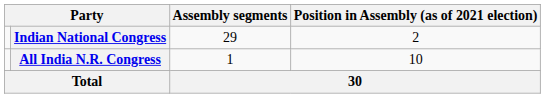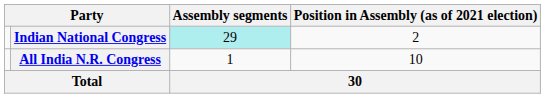 <table class="wikitable" style="text-align:center">
 <tr>
 <th colspan="2">Party</th>
 <th>Assembly segments </th>
 <th>Position in Assembly (as of 2021 election)</th>
 </tr>
 <tr>
 <td></td>
 <th><a href='#'>Indian National Congress</a></th>
-<td>29</td>
+<td style="background: paleturquoise;">29</td>
 <td>2</td>
 </tr>
 <tr>
 <td bgcolor=></td>
 <th><a href='#'>All India N.R. Congress</a></th>
 <td>1</td>
 <td>10</td>
 </tr>
 <tr>
 <th colspan="2">Total</th>
 <th colspan="2">30</th>
 </tr>
 </table>
